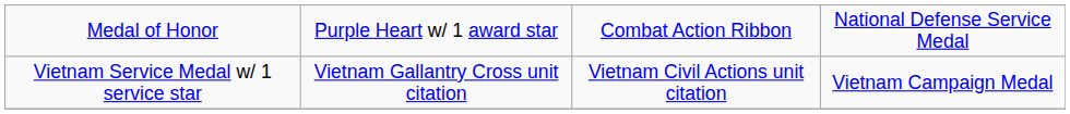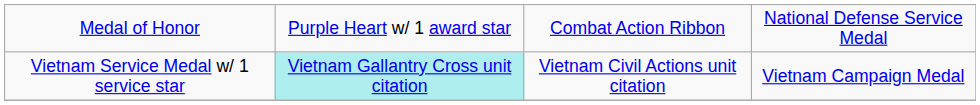 <table class="wikitable" style="margin:1em auto; text-align:center;">
 <tr>
 <td><a href='#'>Medal of Honor</a></td>
 <td><a href='#'>Purple Heart</a> w/ 1 <a href='#'>award star</a></td>
 <td><a href='#'>Combat Action Ribbon</a></td>
 <td><a href='#'>National Defense Service Medal</a></td>
 </tr>
 <tr>
 <td><a href='#'>Vietnam Service Medal</a> w/ 1 <a href='#'>service star</a></td>
-<td><a href='#'>Vietnam Gallantry Cross unit citation</a></td>
+<td style="background: paleturquoise;"><a href='#'>Vietnam Gallantry Cross unit citation</a></td>
 <td><a href='#'>Vietnam Civil Actions unit citation</a></td>
 <td><a href='#'>Vietnam Campaign Medal</a></td>
 </tr>
 <tr>
 </tr>
 </table>
